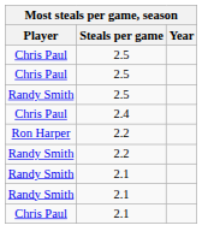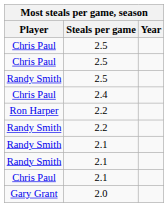 <table class="wikitable sortable" style="text-align:center">
 <tr>
 <th colspan="3">Most steals per game, season</th>
 </tr>
 <tr>
 <th>Player</th>
 <th>Steals per game</th>
 <th>Year</th>
 </tr>
 <tr>
 <td><a href='#'>Chris Paul</a></td>
 <td>2.5</td>
 <td></td>
 </tr>
 <tr>
 <td><a href='#'>Chris Paul</a></td>
 <td>2.5</td>
 <td></td>
 </tr>
 <tr>
 <td><a href='#'>Randy Smith</a></td>
 <td>2.5</td>
 <td></td>
 </tr>
 <tr>
 <td><a href='#'>Chris Paul</a></td>
 <td>2.4</td>
 <td></td>
 </tr>
 <tr>
 <td><a href='#'>Ron Harper</a></td>
 <td>2.2</td>
 <td></td>
 </tr>
 <tr>
 <td><a href='#'>Randy Smith</a></td>
 <td>2.2</td>
 <td></td>
 </tr>
 <tr>
 <td><a href='#'>Randy Smith</a></td>
 <td>2.1</td>
 <td></td>
 </tr>
 <tr>
 <td><a href='#'>Randy Smith</a></td>
 <td>2.1</td>
 <td></td>
 </tr>
 <tr>
 <td><a href='#'>Chris Paul</a></td>
 <td>2.1</td>
 <td></td>
 </tr>
+<tr>
+<td><a href='#'>Gary Grant</a></td>
+<td>2.0</td>
+<td></td>
+</tr>
 </table>
